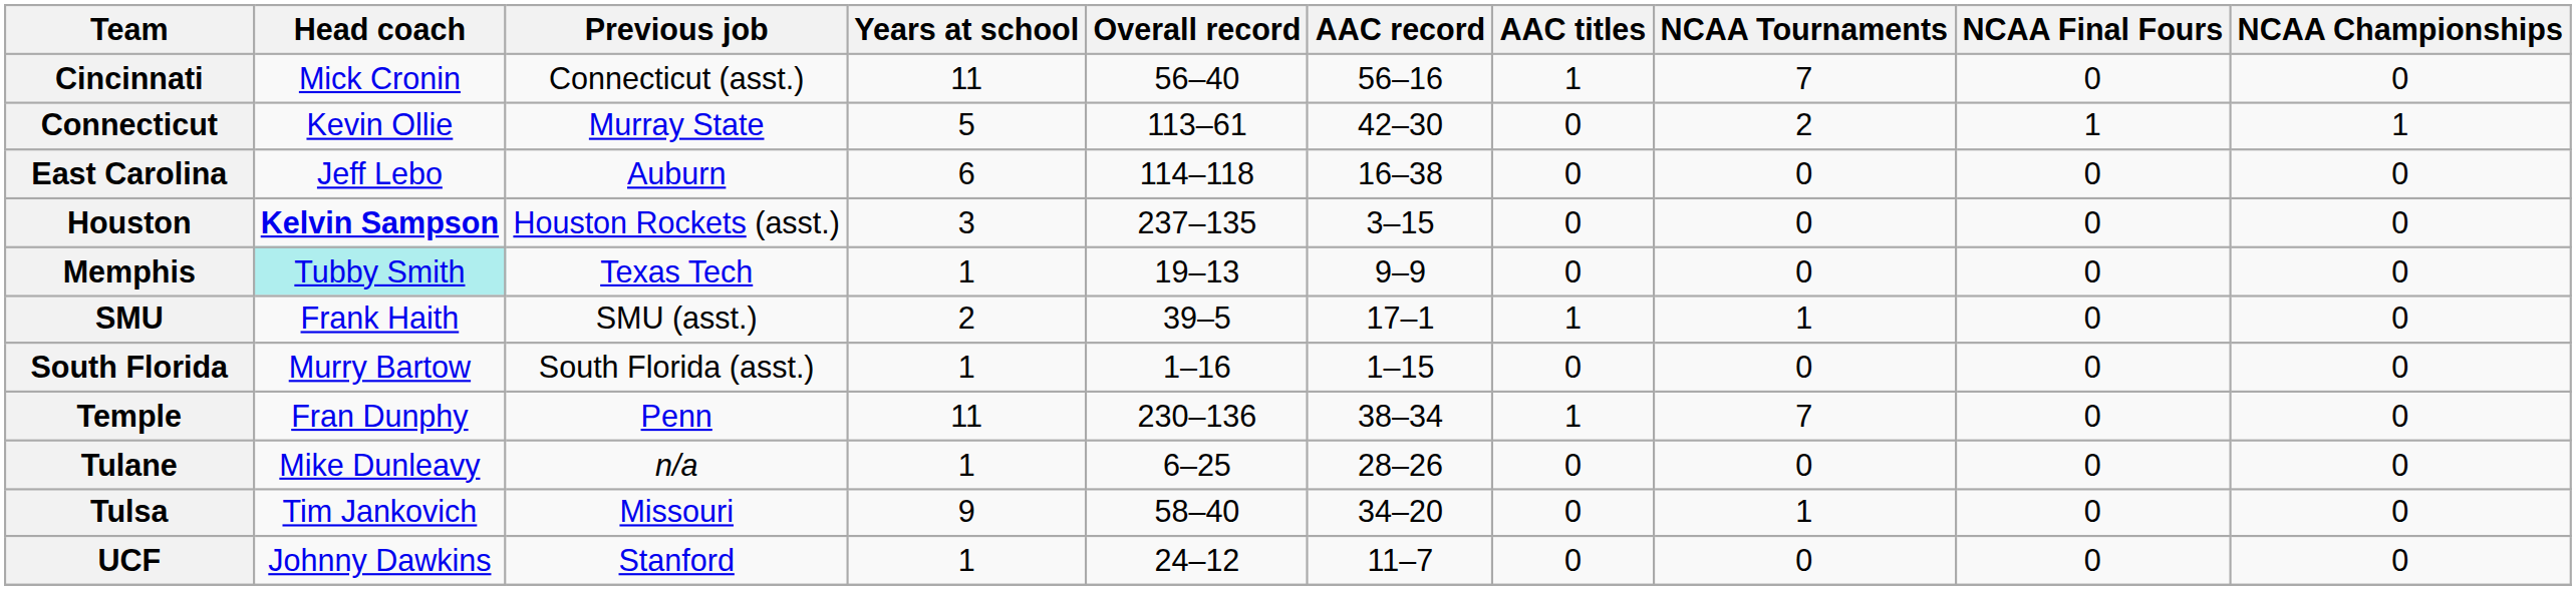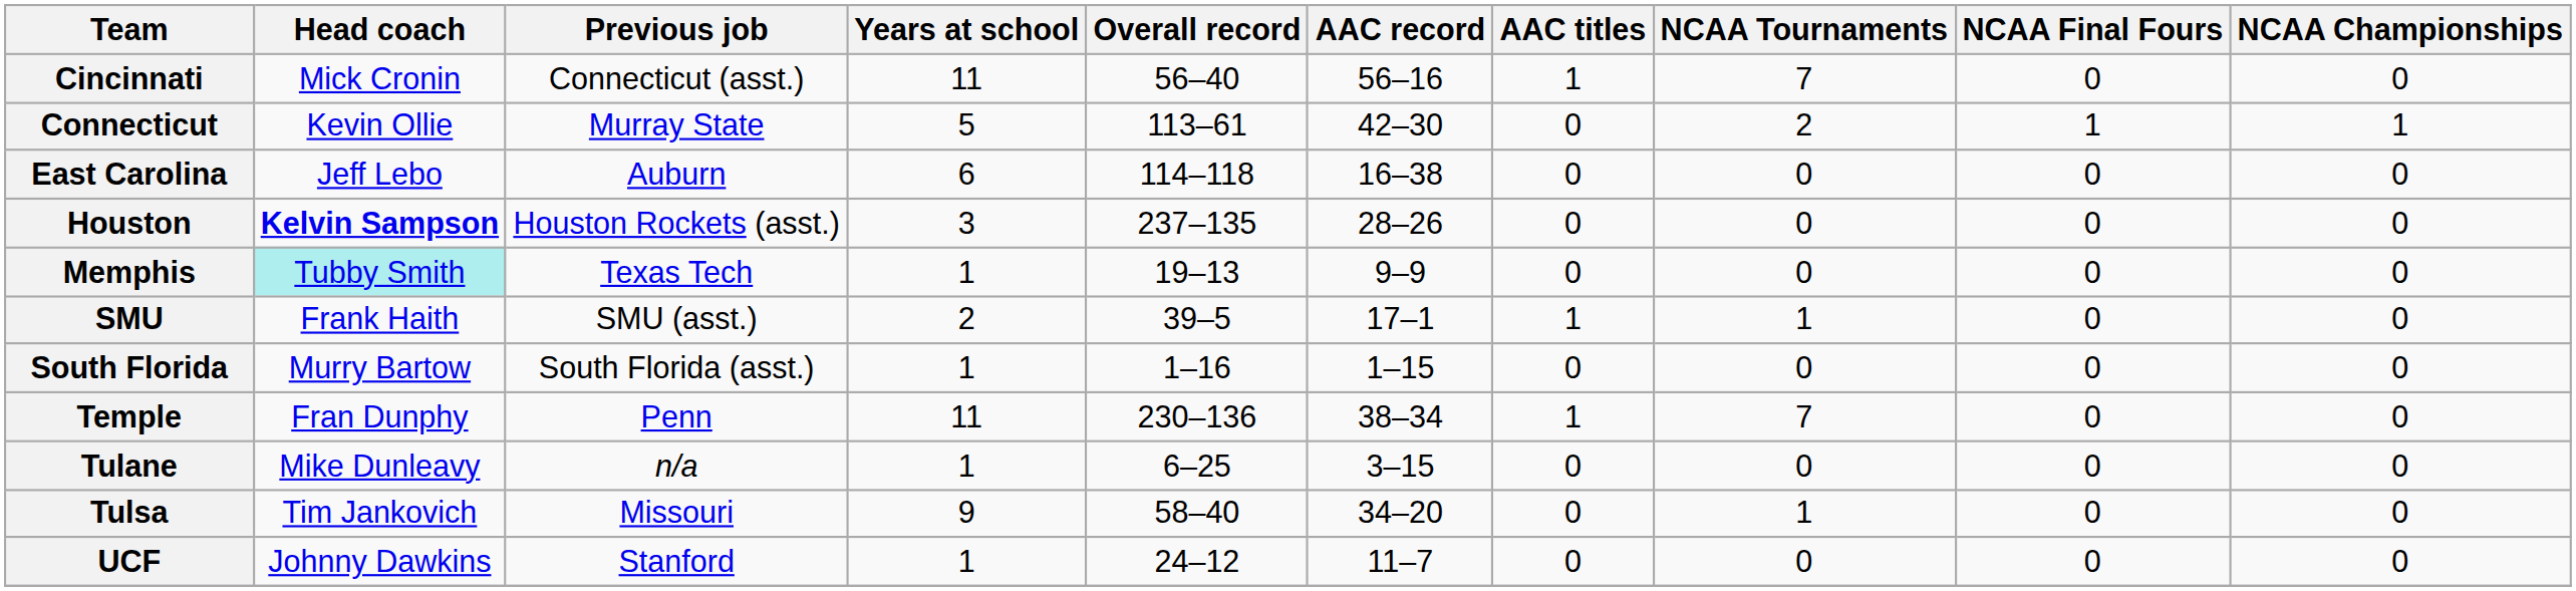 <table class="wikitable sortable" style="text-align: center;font-size:90%;">
 <tr>
 <th width="110">Team</th>
 <th>Head coach</th>
 <th>Previous job</th>
 <th>Years at school</th>
 <th>Overall record</th>
 <th>AAC record</th>
 <th>AAC titles</th>
 <th>NCAA Tournaments</th>
 <th>NCAA Final Fours</th>
 <th>NCAA Championships</th>
 </tr>
 <tr>
 <th>Cincinnati</th>
 <td><a href='#'>Mick Cronin</a></td>
 <td>Connecticut (asst.)</td>
 <td>11</td>
 <td>56–40</td>
 <td>56–16</td>
 <td>1</td>
 <td>7</td>
 <td>0</td>
 <td>0</td>
 </tr>
 <tr>
 <th>Connecticut</th>
 <td><a href='#'>Kevin Ollie</a></td>
 <td><a href='#'>Murray State</a></td>
 <td>5</td>
 <td>113–61</td>
 <td>42–30</td>
 <td>0</td>
 <td>2</td>
 <td>1</td>
 <td>1</td>
 </tr>
 <tr>
 <th style=>East Carolina</th>
 <td><a href='#'>Jeff Lebo</a></td>
 <td><a href='#'>Auburn</a></td>
 <td>6</td>
 <td>114–118</td>
 <td>16–38</td>
 <td>0</td>
 <td>0</td>
 <td>0</td>
 <td>0</td>
 </tr>
 <tr>
 <th>Houston</th>
 <td><strong><a href='#'>Kelvin Sampson</a></strong></td>
 <td><a href='#'>Houston Rockets</a> (asst.)</td>
 <td>3</td>
 <td>237–135</td>
-<td>3–15</td>
+<td>28–26</td>
 <td>0</td>
 <td>0</td>
 <td>0</td>
 <td>0</td>
 </tr>
 <tr>
 <th style=>Memphis</th>
 <td style="background: paleturquoise;"><a href='#'>Tubby Smith</a></td>
 <td><a href='#'>Texas Tech</a></td>
 <td>1</td>
 <td>19–13</td>
 <td>9–9</td>
 <td>0</td>
 <td>0</td>
 <td>0</td>
 <td>0</td>
 </tr>
 <tr>
 <th style=>SMU</th>
 <td><a href='#'>Frank Haith</a></td>
 <td>SMU (asst.)</td>
 <td>2</td>
 <td>39–5</td>
 <td>17–1</td>
 <td>1</td>
 <td>1</td>
 <td>0</td>
 <td>0</td>
 </tr>
 <tr>
 <th style=>South Florida</th>
 <td><a href='#'>Murry Bartow</a></td>
 <td>South Florida (asst.)</td>
 <td>1</td>
 <td>1–16</td>
 <td>1–15</td>
 <td>0</td>
 <td>0</td>
 <td>0</td>
 <td>0</td>
 </tr>
 <tr>
 <th style=>Temple</th>
 <td><a href='#'>Fran Dunphy</a></td>
 <td><a href='#'>Penn</a></td>
 <td>11</td>
 <td>230–136</td>
 <td>38–34</td>
 <td>1</td>
 <td>7</td>
 <td>0</td>
 <td>0</td>
 </tr>
 <tr>
 <th style=>Tulane</th>
 <td><a href='#'>Mike Dunleavy</a></td>
 <td><em>n/a</em></td>
 <td>1</td>
 <td>6–25</td>
-<td>28–26</td>
+<td>3–15</td>
 <td>0</td>
 <td>0</td>
 <td>0</td>
 <td>0</td>
 </tr>
 <tr>
 <th style=>Tulsa</th>
 <td><a href='#'>Tim Jankovich</a></td>
 <td><a href='#'>Missouri</a></td>
 <td>9</td>
 <td>58–40</td>
 <td>34–20</td>
 <td>0</td>
 <td>1</td>
 <td>0</td>
 <td>0</td>
 </tr>
 <tr>
 <th style=>UCF</th>
 <td><a href='#'>Johnny Dawkins</a></td>
 <td><a href='#'>Stanford</a></td>
 <td>1</td>
 <td>24–12</td>
 <td>11–7</td>
 <td>0</td>
 <td>0</td>
 <td>0</td>
 <td>0</td>
 </tr>
 <tr>
 </tr>
 </table>
